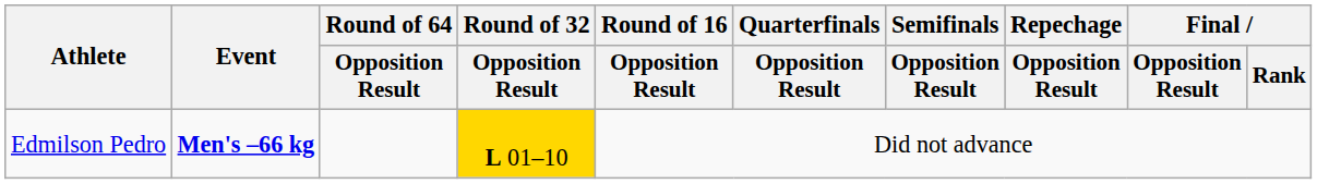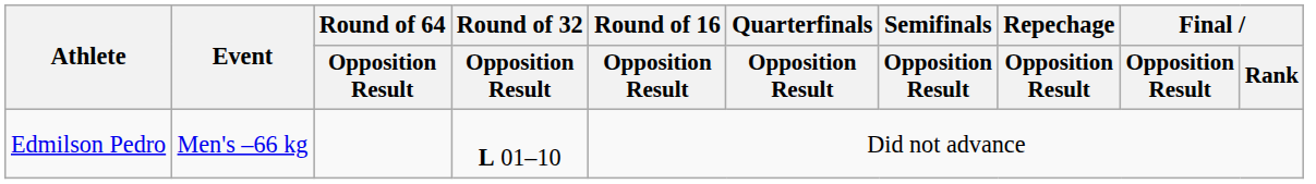 <table class="wikitable" style="font-size:90%">
 <tr>
 <th rowspan="2">Athlete</th>
 <th rowspan="2">Event</th>
 <th>Round of 64</th>
 <th>Round of 32</th>
 <th>Round of 16</th>
 <th>Quarterfinals</th>
 <th>Semifinals</th>
 <th>Repechage</th>
 <th colspan=2>Final / </th>
 </tr>
 <tr style="font-size:95%">
 <th>Opposition<br>Result</th>
 <th>Opposition<br>Result</th>
 <th>Opposition<br>Result</th>
 <th>Opposition<br>Result</th>
 <th>Opposition<br>Result</th>
 <th>Opposition<br>Result</th>
 <th>Opposition<br>Result</th>
 <th>Rank</th>
 </tr>
 <tr align=center>
 <td align=left><a href='#'>Edmilson Pedro</a></td>
-<td align=left><strong><a href='#'>Men's –66 kg</a></strong></td>
+<td align=left><a href='#'>Men's –66 kg</a></td>
 <td></td>
-<td style="background: gold;"> <br><strong>L</strong> 01–10</td>
+<td> <br><strong>L</strong> 01–10</td>
 <td colspan=6>Did not advance</td>
 </tr>
 </table>
